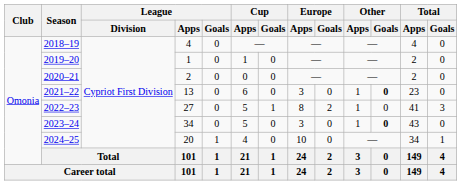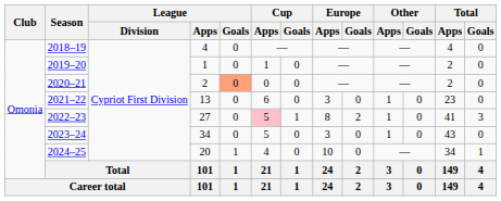 <table class="wikitable" style="text-align:center">
 <tr>
 <th rowspan="2">Club</th>
 <th rowspan="2">Season</th>
 <th colspan="3">League</th>
 <th colspan="2">Cup</th>
 <th colspan="2">Europe</th>
 <th colspan="2">Other</th>
 <th colspan="2">Total</th>
 </tr>
 <tr>
 <th>Division</th>
 <th>Apps</th>
 <th>Goals</th>
 <th>Apps</th>
 <th>Goals</th>
 <th>Apps</th>
 <th>Goals</th>
 <th>Apps</th>
 <th>Goals</th>
 <th>Apps</th>
 <th>Goals</th>
 </tr>
 <tr>
 <td rowspan="8"><a href='#'>Omonia</a></td>
 <td><a href='#'>2018–19</a></td>
 <td rowspan="7"><a href='#'>Cypriot First Division</a></td>
 <td>4</td>
 <td>0</td>
 <td colspan=2>—</td>
 <td colspan=2>—</td>
 <td colspan=2>—</td>
 <td>4</td>
 <td>0</td>
 </tr>
 <tr>
 <td><a href='#'>2019–20</a></td>
 <td>1</td>
 <td>0</td>
 <td>1</td>
 <td>0</td>
 <td colspan=2>—</td>
 <td colspan=2>—</td>
 <td>2</td>
 <td>0</td>
 </tr>
 <tr>
 <td><a href='#'>2020–21</a></td>
 <td>2</td>
-<td>0</td>
+<td style="background: lightsalmon;">0</td>
 <td>0</td>
 <td>0</td>
 <td colspan=2>—</td>
 <td colspan=2>—</td>
 <td>2</td>
 <td>0</td>
 </tr>
 <tr>
 <td><a href='#'>2021–22</a></td>
 <td>13</td>
 <td>0</td>
 <td>6</td>
 <td>0</td>
 <td>3</td>
 <td>0</td>
 <td>1</td>
-<td><strong>0</strong></td>
+<td>0</td>
 <td>23</td>
 <td>0</td>
 </tr>
 <tr>
 <td><a href='#'>2022–23</a></td>
 <td>27</td>
 <td>0</td>
-<td>5</td>
+<td style="background: pink;">5</td>
 <td>1</td>
 <td>8</td>
 <td>2</td>
 <td>1</td>
 <td>0</td>
 <td>41</td>
 <td>3</td>
 </tr>
 <tr>
 <td><a href='#'>2023–24</a></td>
 <td>34</td>
 <td>0</td>
 <td>5</td>
 <td>0</td>
 <td>3</td>
 <td>0</td>
 <td>1</td>
-<td><strong>0</strong></td>
+<td>0</td>
 <td>43</td>
 <td>0</td>
 </tr>
 <tr>
 <td><a href='#'>2024–25</a></td>
 <td>20</td>
 <td>1</td>
 <td>4</td>
 <td>0</td>
 <td>10</td>
 <td>0</td>
 <td colspan=2>—</td>
 <td>34</td>
 <td>1</td>
 </tr>
 <tr>
 <th colspan="2">Total</th>
 <th>101</th>
 <th>1</th>
 <th>21</th>
 <th>1</th>
 <th>24</th>
 <th>2</th>
 <th>3</th>
 <th>0</th>
 <th>149</th>
 <th>4</th>
 </tr>
 <tr>
 <th colspan="3">Career total</th>
 <th>101</th>
 <th>1</th>
 <th>21</th>
 <th>1</th>
 <th>24</th>
 <th>2</th>
 <th>3</th>
 <th>0</th>
 <th>149</th>
 <th>4</th>
 </tr>
 </table>
